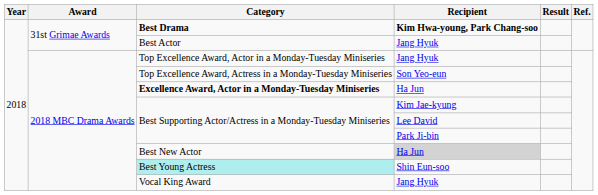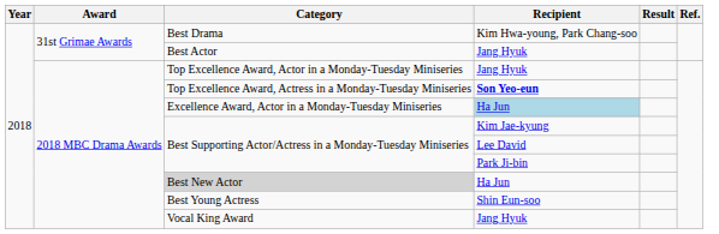 <table class="wikitable">
 <tr>
 <th>Year</th>
 <th>Award</th>
 <th>Category</th>
 <th>Recipient</th>
 <th>Result</th>
 <th>Ref.</th>
 </tr>
 <tr>
 <td rowspan="20">2018</td>
 <td rowspan="2">31st <a href='#'>Grimae Awards</a></td>
-<td><strong>Best Drama</strong></td>
-<td><strong>Kim Hwa-young, Park Chang-soo</strong></td>
+<td>Best Drama</td>
+<td>Kim Hwa-young, Park Chang-soo</td>
 <td></td>
 <td rowspan=2></td>
 </tr>
 <tr>
 <td>Best Actor</td>
 <td><a href='#'>Jang Hyuk</a></td>
 <td></td>
 </tr>
 <tr>
 <td rowspan=9><a href='#'>2018 MBC Drama Awards</a></td>
 <td>Top Excellence Award, Actor in a Monday-Tuesday Miniseries</td>
 <td><a href='#'>Jang Hyuk</a></td>
 <td></td>
 <td rowspan=9></td>
 </tr>
 <tr>
 <td>Top Excellence Award, Actress in a Monday-Tuesday Miniseries</td>
-<td><a href='#'>Son Yeo-eun</a></td>
+<td><strong><a href='#'>Son Yeo-eun</a></strong></td>
 <td></td>
 </tr>
 <tr>
-<td><strong>Excellence Award, Actor in a Monday-Tuesday Miniseries</strong></td>
-<td><a href='#'>Ha Jun</a></td>
+<td>Excellence Award, Actor in a Monday-Tuesday Miniseries</td>
+<td style="background: lightblue;"><a href='#'>Ha Jun</a></td>
 <td></td>
 </tr>
 <tr>
 <td rowspan=3>Best Supporting Actor/Actress in a Monday-Tuesday Miniseries</td>
 <td><a href='#'>Kim Jae-kyung</a></td>
 <td></td>
 </tr>
 <tr>
 <td><a href='#'>Lee David</a></td>
 <td></td>
 </tr>
 <tr>
 <td><a href='#'>Park Ji-bin</a></td>
 <td></td>
 </tr>
 <tr>
-<td>Best New Actor</td>
-<td style="background: lightgrey;"><a href='#'>Ha Jun</a></td>
+<td style="background: lightgrey;">Best New Actor</td>
+<td><a href='#'>Ha Jun</a></td>
 <td></td>
 </tr>
 <tr>
-<td style="background: paleturquoise;">Best Young Actress</td>
+<td>Best Young Actress</td>
 <td><a href='#'>Shin Eun-soo</a></td>
 <td></td>
 </tr>
 <tr>
 <td>Vocal King Award</td>
 <td><a href='#'>Jang Hyuk</a></td>
 <td></td>
 </tr>
 </table>
